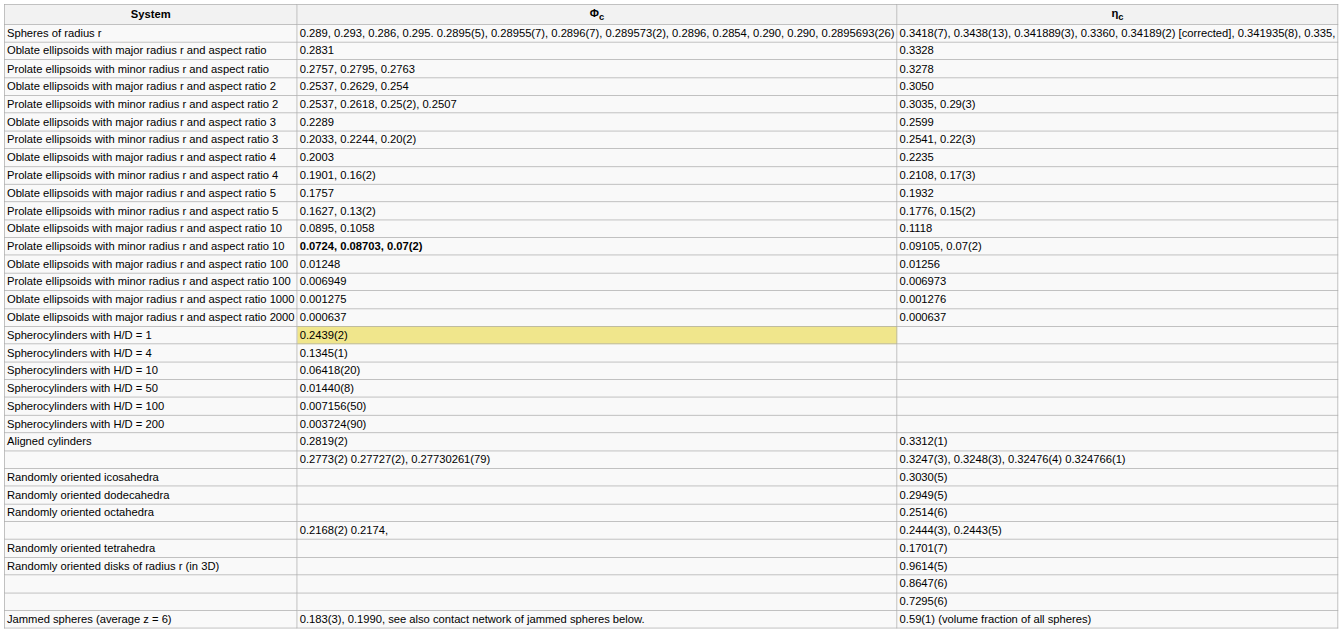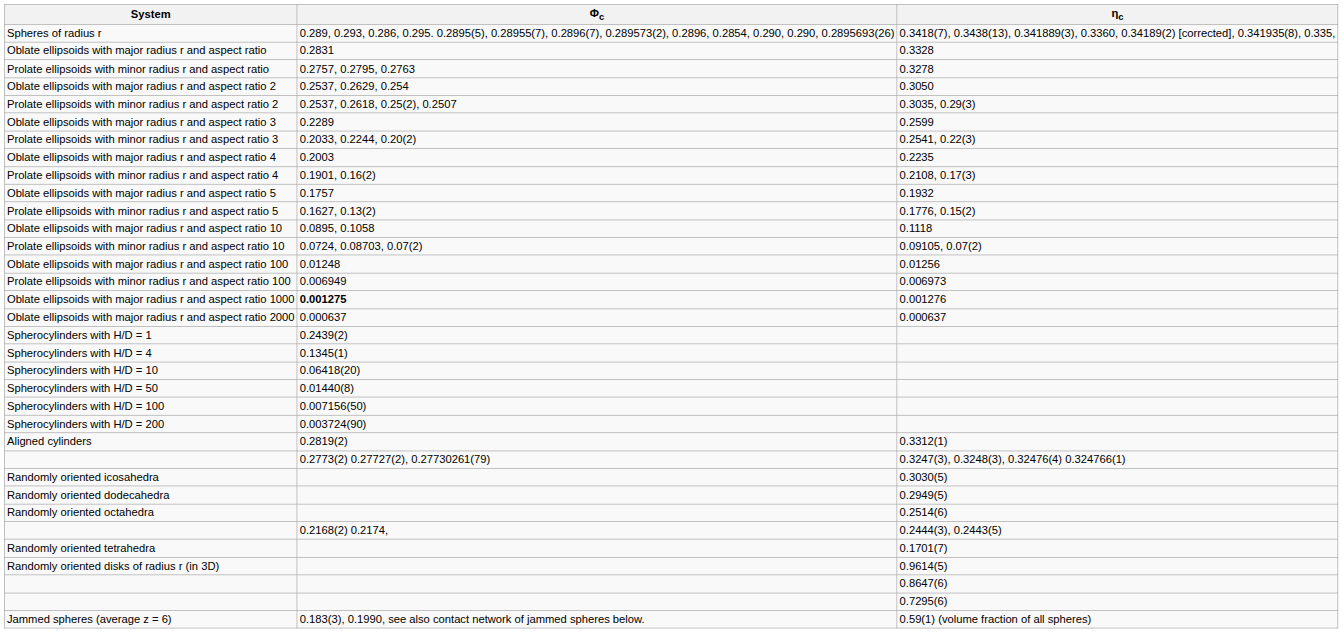 <table class="wikitable">
 <tr>
 <th>System</th>
 <th>Φ<sub>c</sub></th>
 <th>η<sub>c</sub></th>
 </tr>
 <tr>
 <td>Spheres of radius r</td>
 <td>0.289, 0.293, 0.286, 0.295. 0.2895(5), 0.28955(7), 0.2896(7), 0.289573(2), 0.2896, 0.2854, 0.290, 0.290, 0.2895693(26)</td>
 <td>0.3418(7), 0.3438(13), 0.341889(3), 0.3360, 0.34189(2)  [corrected], 0.341935(8), 0.335,</td>
 </tr>
 <tr>
 <td>Oblate ellipsoids with major radius r and aspect ratio </td>
 <td>0.2831</td>
 <td>0.3328</td>
 </tr>
 <tr>
 <td>Prolate ellipsoids with minor radius r and aspect ratio </td>
 <td>0.2757, 0.2795, 0.2763</td>
 <td>0.3278</td>
 </tr>
 <tr>
 <td>Oblate ellipsoids with major radius r and aspect ratio 2</td>
 <td>0.2537, 0.2629, 0.254</td>
 <td>0.3050</td>
 </tr>
 <tr>
 <td>Prolate ellipsoids with minor radius r and aspect ratio 2</td>
 <td>0.2537, 0.2618, 0.25(2), 0.2507</td>
 <td>0.3035, 0.29(3)</td>
 </tr>
 <tr>
 <td>Oblate ellipsoids with major radius r and aspect ratio 3</td>
 <td>0.2289</td>
 <td>0.2599</td>
 </tr>
 <tr>
 <td>Prolate ellipsoids with minor radius r and aspect ratio 3</td>
 <td>0.2033, 0.2244, 0.20(2)</td>
 <td>0.2541, 0.22(3)</td>
 </tr>
 <tr>
 <td>Oblate ellipsoids with major radius r and aspect ratio 4</td>
 <td>0.2003</td>
 <td>0.2235</td>
 </tr>
 <tr>
 <td>Prolate ellipsoids with minor radius r and aspect ratio 4</td>
 <td>0.1901, 0.16(2)</td>
 <td>0.2108, 0.17(3)</td>
 </tr>
 <tr>
 <td>Oblate ellipsoids with major radius r and aspect ratio 5</td>
 <td>0.1757</td>
 <td>0.1932</td>
 </tr>
 <tr>
 <td>Prolate ellipsoids with minor radius r and aspect ratio 5</td>
 <td>0.1627, 0.13(2)</td>
 <td>0.1776, 0.15(2)</td>
 </tr>
 <tr>
 <td>Oblate ellipsoids with major radius r and aspect ratio 10</td>
 <td>0.0895, 0.1058</td>
 <td>0.1118</td>
 </tr>
 <tr>
 <td>Prolate ellipsoids with minor radius r and aspect ratio 10</td>
-<td><strong>0.0724, 0.08703, 0.07(2)</strong></td>
+<td>0.0724, 0.08703, 0.07(2)</td>
 <td>0.09105, 0.07(2)</td>
 </tr>
 <tr>
 <td>Oblate ellipsoids with major radius r and aspect ratio 100</td>
 <td>0.01248</td>
 <td>0.01256</td>
 </tr>
 <tr>
 <td>Prolate ellipsoids with minor radius r and aspect ratio 100</td>
 <td>0.006949</td>
 <td>0.006973</td>
 </tr>
 <tr>
 <td>Oblate ellipsoids with major radius r and aspect ratio 1000</td>
-<td>0.001275</td>
+<td><strong>0.001275</strong></td>
 <td>0.001276</td>
 </tr>
 <tr>
 <td>Oblate ellipsoids with major radius r and aspect ratio 2000</td>
 <td>0.000637</td>
 <td>0.000637</td>
 </tr>
 <tr>
 <td>Spherocylinders with H/D = 1</td>
-<td style="background: khaki;">0.2439(2)</td>
+<td>0.2439(2)</td>
 <td></td>
 </tr>
 <tr>
 <td>Spherocylinders with H/D = 4</td>
 <td>0.1345(1)</td>
 <td></td>
 </tr>
 <tr>
 <td>Spherocylinders with H/D = 10</td>
 <td>0.06418(20)</td>
 <td></td>
 </tr>
 <tr>
 <td>Spherocylinders with H/D = 50</td>
 <td>0.01440(8)</td>
 <td></td>
 </tr>
 <tr>
 <td>Spherocylinders with H/D = 100</td>
 <td>0.007156(50)</td>
 <td></td>
 </tr>
 <tr>
 <td>Spherocylinders with H/D = 200</td>
 <td>0.003724(90)</td>
 <td></td>
 </tr>
 <tr>
 <td>Aligned cylinders</td>
 <td>0.2819(2)</td>
 <td>0.3312(1)</td>
 </tr>
 <tr>
 <td></td>
 <td>0.2773(2) 0.27727(2), 0.27730261(79)</td>
 <td>0.3247(3), 0.3248(3), 0.32476(4) 0.324766(1)</td>
 </tr>
 <tr>
 <td>Randomly oriented icosahedra</td>
 <td></td>
 <td>0.3030(5)</td>
 </tr>
 <tr>
 <td>Randomly oriented dodecahedra</td>
 <td></td>
 <td>0.2949(5)</td>
 </tr>
 <tr>
 <td>Randomly oriented octahedra</td>
 <td></td>
 <td>0.2514(6)</td>
 </tr>
 <tr>
 <td></td>
 <td>0.2168(2) 0.2174,</td>
 <td>0.2444(3), 0.2443(5)</td>
 </tr>
 <tr>
 <td>Randomly oriented tetrahedra</td>
 <td></td>
 <td>0.1701(7)</td>
 </tr>
 <tr>
 <td>Randomly oriented disks of radius r (in 3D)</td>
 <td></td>
 <td>0.9614(5)</td>
 </tr>
 <tr>
 <td></td>
 <td></td>
 <td>0.8647(6)</td>
 </tr>
 <tr>
 <td></td>
 <td></td>
 <td>0.7295(6)</td>
 </tr>
 <tr>
 <td>Jammed spheres (average z = 6)</td>
 <td>0.183(3), 0.1990, see also contact network of jammed spheres below.</td>
 <td>0.59(1) (volume fraction of all spheres)</td>
 </tr>
 </table>
